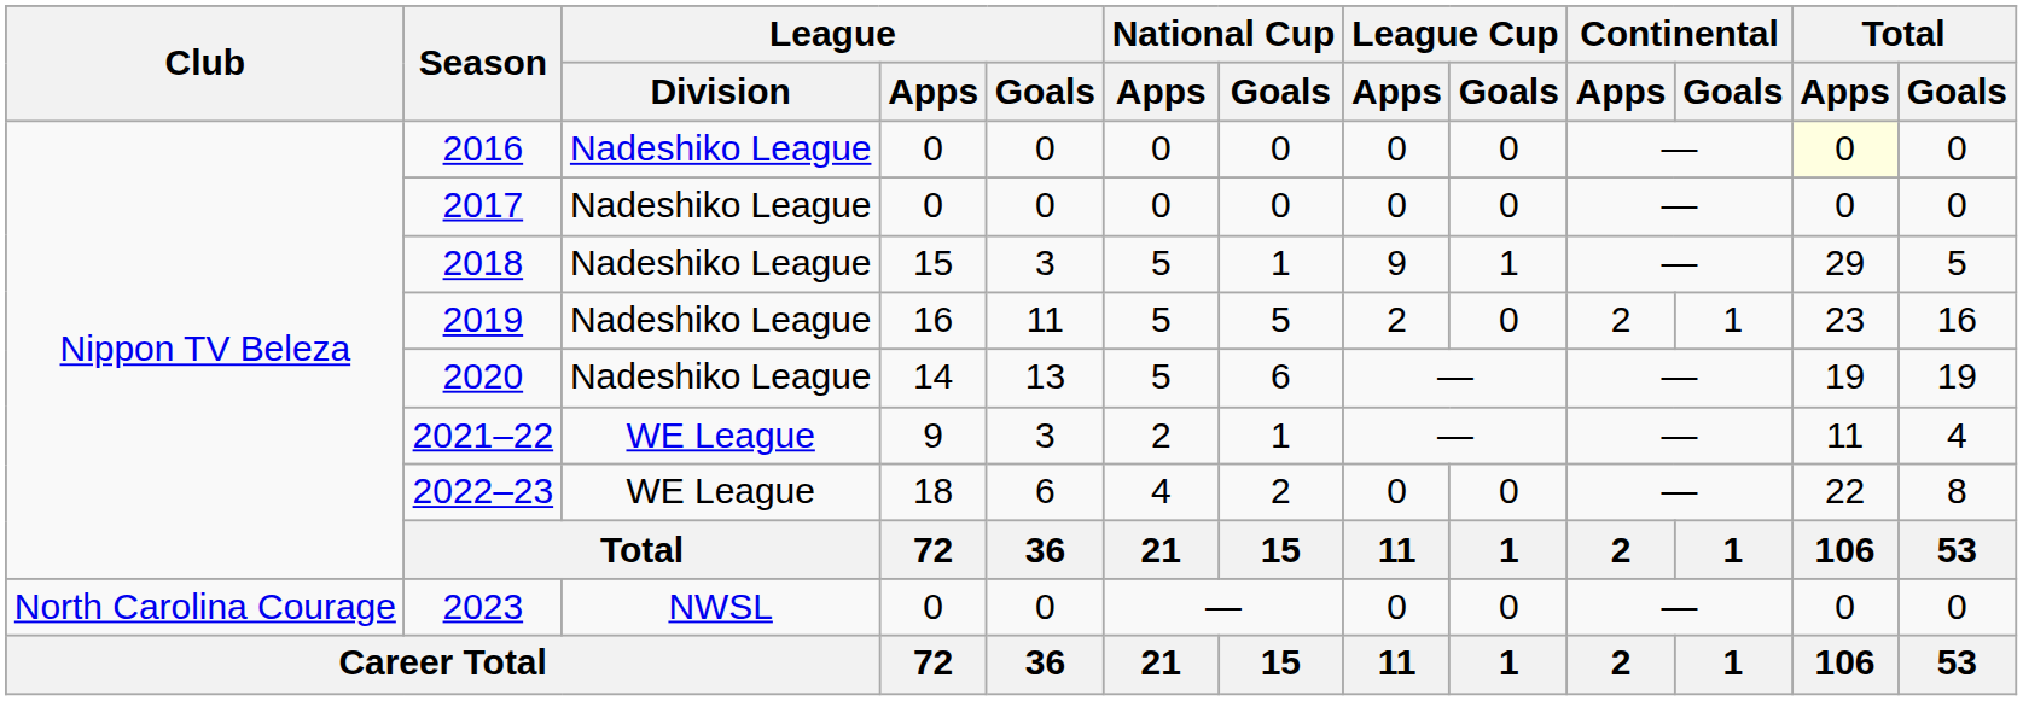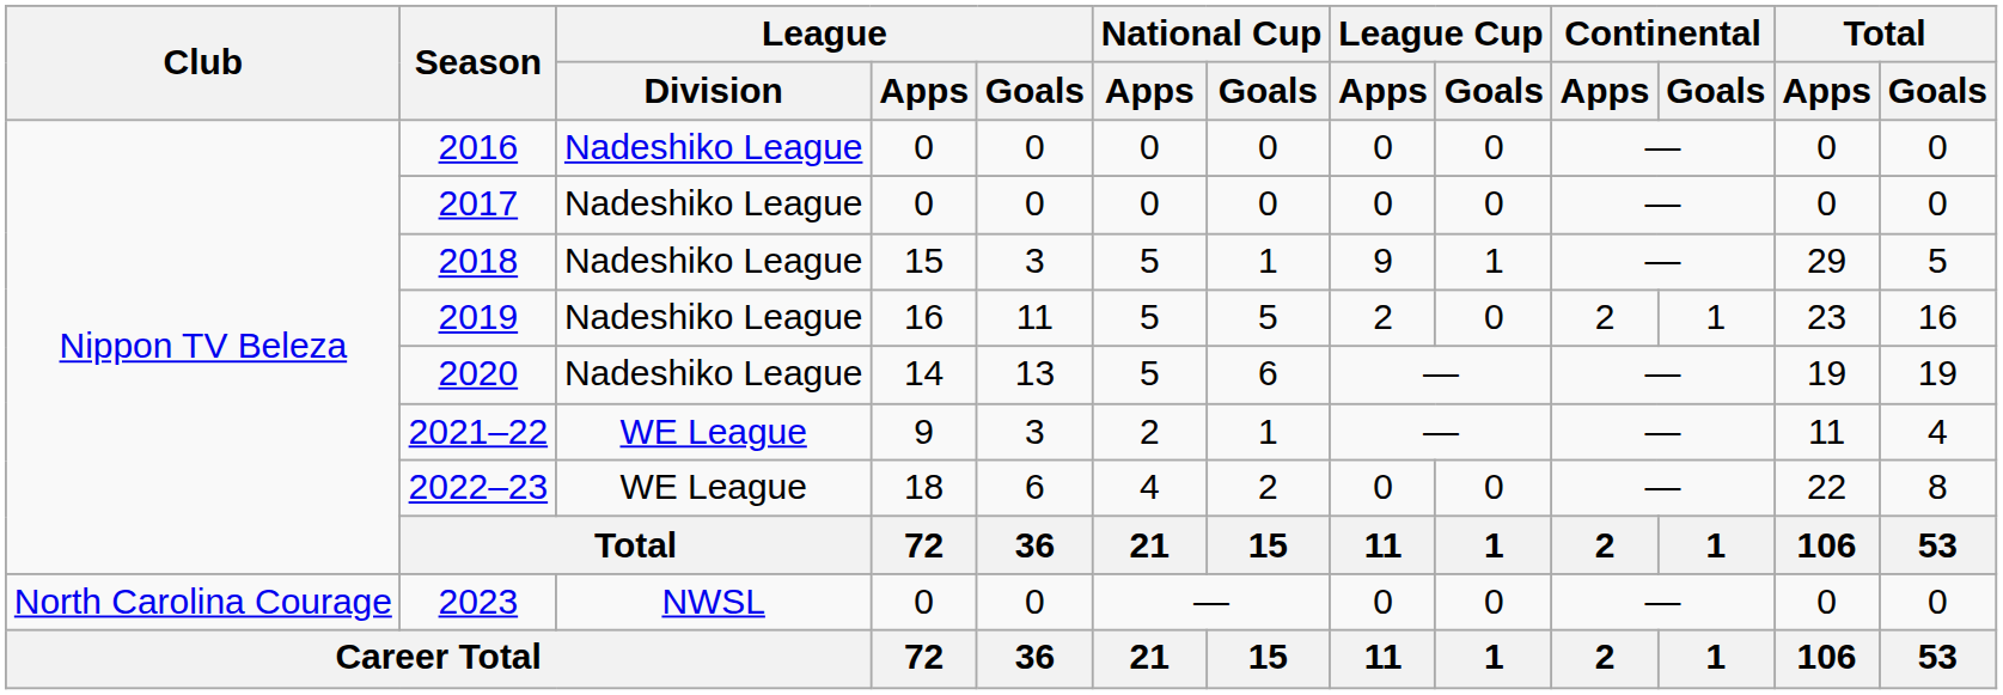 <table class="wikitable" style="text-align:center">
 <tr>
 <th rowspan="2">Club</th>
 <th rowspan="2">Season</th>
 <th colspan="3">League</th>
 <th colspan="2">National Cup</th>
 <th colspan="2">League Cup</th>
 <th colspan="2">Continental</th>
 <th colspan="2">Total</th>
 </tr>
 <tr>
 <th>Division</th>
 <th>Apps</th>
 <th>Goals</th>
 <th>Apps</th>
 <th>Goals</th>
 <th>Apps</th>
 <th>Goals</th>
 <th>Apps</th>
 <th>Goals</th>
 <th>Apps</th>
 <th>Goals</th>
 </tr>
 <tr>
 <td rowspan="8"><a href='#'>Nippon TV Beleza</a></td>
 <td><a href='#'>2016</a></td>
 <td><a href='#'>Nadeshiko League</a></td>
 <td>0</td>
 <td>0</td>
 <td>0</td>
 <td>0</td>
 <td>0</td>
 <td>0</td>
 <td colspan="2">—</td>
-<td style="background: lightyellow;">0</td>
+<td>0</td>
 <td>0</td>
 </tr>
 <tr>
 <td><a href='#'>2017</a></td>
 <td>Nadeshiko League</td>
 <td>0</td>
 <td>0</td>
 <td>0</td>
 <td>0</td>
 <td>0</td>
 <td>0</td>
 <td colspan="2">—</td>
 <td>0</td>
 <td>0</td>
 </tr>
 <tr>
 <td><a href='#'>2018</a></td>
 <td>Nadeshiko League</td>
 <td>15</td>
 <td>3</td>
 <td>5</td>
 <td>1</td>
 <td>9</td>
 <td>1</td>
 <td colspan="2">—</td>
 <td>29</td>
 <td>5</td>
 </tr>
 <tr>
 <td><a href='#'>2019</a></td>
 <td>Nadeshiko League</td>
 <td>16</td>
 <td>11</td>
 <td>5</td>
 <td>5</td>
 <td>2</td>
 <td>0</td>
 <td>2</td>
 <td>1</td>
 <td>23</td>
 <td>16</td>
 </tr>
 <tr>
 <td><a href='#'>2020</a></td>
 <td>Nadeshiko League</td>
 <td>14</td>
 <td>13</td>
 <td>5</td>
 <td>6</td>
 <td colspan="2">—</td>
 <td colspan="2">—</td>
 <td>19</td>
 <td>19</td>
 </tr>
 <tr>
 <td><a href='#'>2021–22</a></td>
 <td><a href='#'>WE League</a></td>
 <td>9</td>
 <td>3</td>
 <td>2</td>
 <td>1</td>
 <td colspan="2">—</td>
 <td colspan="2">—</td>
 <td>11</td>
 <td>4</td>
 </tr>
 <tr>
 <td><a href='#'>2022–23</a></td>
 <td>WE League</td>
 <td>18</td>
 <td>6</td>
 <td>4</td>
 <td>2</td>
 <td>0</td>
 <td>0</td>
 <td colspan="2">—</td>
 <td>22</td>
 <td>8</td>
 </tr>
 <tr>
 <th colspan="2">Total</th>
 <th>72</th>
 <th>36</th>
 <th>21</th>
 <th>15</th>
 <th>11</th>
 <th>1</th>
 <th>2</th>
 <th>1</th>
 <th>106</th>
 <th>53</th>
 </tr>
 <tr>
 <td><a href='#'>North Carolina Courage</a></td>
 <td><a href='#'>2023</a></td>
 <td><a href='#'>NWSL</a></td>
 <td>0</td>
 <td>0</td>
 <td colspan="2">—</td>
 <td>0</td>
 <td>0</td>
 <td colspan="2">—</td>
 <td>0</td>
 <td>0</td>
 </tr>
 <tr>
 <th colspan="3">Career Total</th>
 <th>72</th>
 <th>36</th>
 <th>21</th>
 <th>15</th>
 <th>11</th>
 <th>1</th>
 <th>2</th>
 <th>1</th>
 <th>106</th>
 <th>53</th>
 </tr>
 </table>
